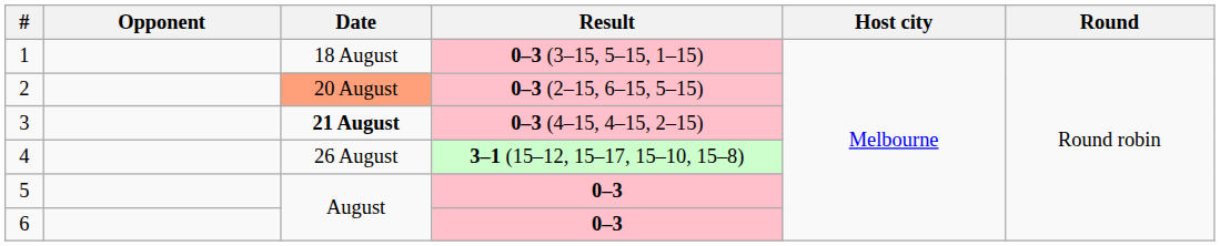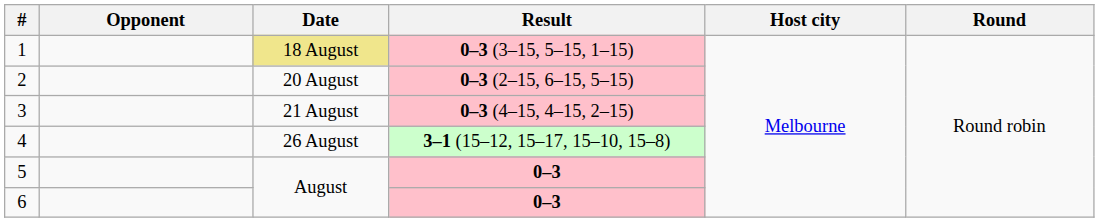 <table class="wikitable" style="text-align: center;font-size:90%;">
 <tr>
 <th width=20>#</th>
 <th width=160>Opponent</th>
 <th width=100>Date</th>
 <th width=240>Result</th>
 <th width=150>Host city</th>
 <th width=140>Round</th>
 </tr>
 <tr>
 <td>1</td>
 <td align=left></td>
-<td>18 August</td>
+<td style="background: khaki;">18 August</td>
 <td bgcolor=pink><strong>0–3</strong> (3–15, 5–15, 1–15)</td>
 <td rowspan=6> <a href='#'>Melbourne</a></td>
 <td rowspan=6>Round robin</td>
 </tr>
 <tr>
 <td>2</td>
 <td align=left></td>
-<td style="background: lightsalmon;">20 August</td>
+<td>20 August</td>
 <td bgcolor=pink><strong>0–3</strong> (2–15, 6–15, 5–15)</td>
 </tr>
 <tr>
 <td>3</td>
 <td align=left></td>
-<td><strong>21 August</strong></td>
+<td>21 August</td>
 <td bgcolor=pink><strong>0–3</strong> (4–15, 4–15, 2–15)</td>
 </tr>
 <tr>
 <td>4</td>
 <td align=left></td>
 <td>26 August</td>
 <td bgcolor=ccffcc><strong>3–1</strong> (15–12, 15–17, 15–10, 15–8)</td>
 </tr>
 <tr>
 <td>5</td>
 <td align=left></td>
 <td rowspan=2>August</td>
 <td bgcolor=pink><strong>0–3</strong></td>
 </tr>
 <tr>
 <td>6</td>
 <td align=left></td>
 <td bgcolor=pink><strong>0–3</strong></td>
 </tr>
 </table>
